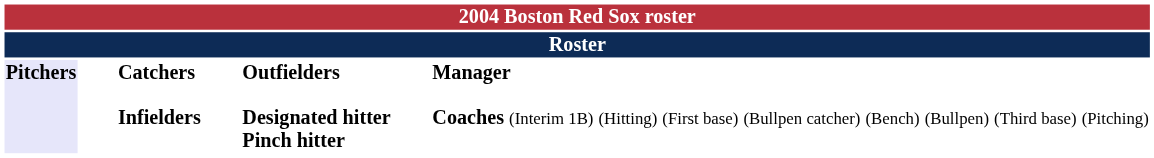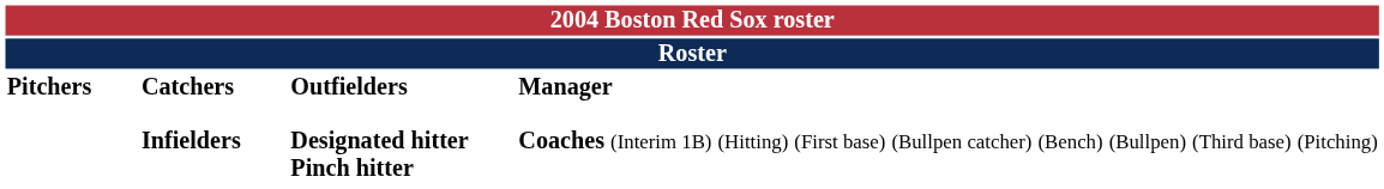 <table class="toccolours" style="text-align: left;">
 <tr>
 <th colspan="10" style="background-color: #ba313c; color: white; text-align: center;">2004 Boston Red Sox roster</th>
 </tr>
 <tr>
 <td colspan="10" style="background-color:#0d2b56; color: white; text-align: center;"><strong>Roster</strong></td>
 </tr>
 <tr>
-<td valign="top" style="background: lavender;"><strong>Pitchers</strong><br>                         </td>
+<td valign="top"><strong>Pitchers</strong><br>                         </td>
 <td width="25px"></td>
 <td valign="top"><strong>Catchers</strong><br>  <br><strong>Infielders</strong>              </td>
 <td width="25px"></td>
 <td valign="top"><strong>Outfielders</strong><br>     <br><strong>Designated hitter</strong>  <br><strong>Pinch hitter</strong>  </td>
 <td width="25px"></td>
 <td valign="top"><strong>Manager</strong><br><br><strong>Coaches</strong>  <small>(Interim 1B)</small>  <small>(Hitting)</small>  <small>(First base)</small>  <small>(Bullpen catcher)</small>  <small>(Bench)</small>  <small>(Bullpen)</small>  <small>(Third base)</small>  <small>(Pitching)</small></td>
 </tr>
 <tr>
 </tr>
 </table>
